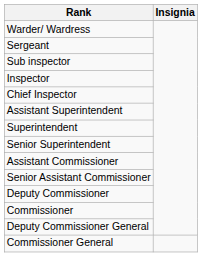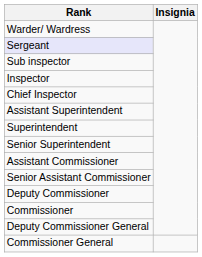 <table class="wikitable mw-collapsible mw-collapsed">
 <tr>
 <th>Rank</th>
 <th>Insignia</th>
 </tr>
 <tr>
 <td>Warder/ Wardress</td>
 <td rowspan="13"></td>
 </tr>
 <tr>
-<td>Sergeant</td>
+<td style="background: lavender;">Sergeant</td>
 </tr>
 <tr>
 <td>Sub inspector</td>
 </tr>
 <tr>
 <td>Inspector</td>
 </tr>
 <tr>
 <td>Chief Inspector</td>
 </tr>
 <tr>
 <td>Assistant Superintendent</td>
 </tr>
 <tr>
 <td>Superintendent</td>
 </tr>
 <tr>
 <td>Senior Superintendent</td>
 </tr>
 <tr>
 <td>Assistant Commissioner</td>
 </tr>
 <tr>
 <td>Senior Assistant Commissioner</td>
 </tr>
 <tr>
 <td>Deputy Commissioner</td>
 </tr>
 <tr>
 <td>Commissioner</td>
 </tr>
 <tr>
 <td>Deputy Commissioner General</td>
 </tr>
 <tr>
 <td>Commissioner General</td>
 </tr>
 </table>
